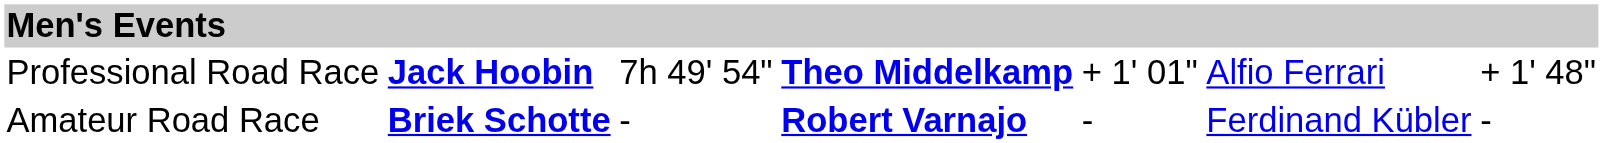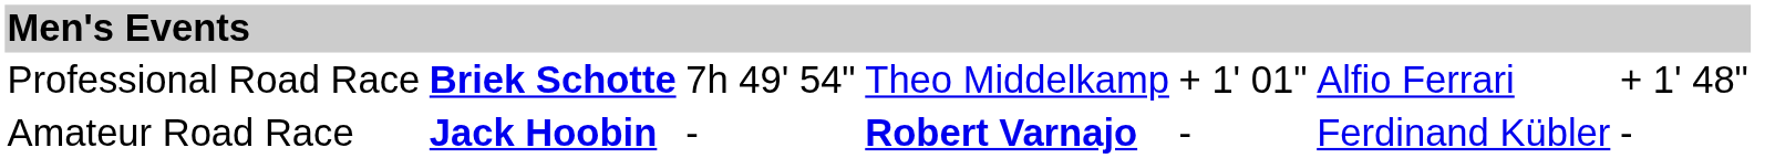 <table>
 <tr bgcolor="#cccccc">
 <td colspan=7><strong>Men's Events</strong></td>
 </tr>
 <tr>
 <td>Professional Road Race<br></td>
-<td><strong><a href='#'>Jack Hoobin</a></strong><br><small></small></td>
+<td><strong><a href='#'>Briek Schotte</a></strong><br><small></small></td>
 <td>7h 49' 54"</td>
-<td><strong><a href='#'>Theo Middelkamp</a><br><small></small></strong></td>
+<td><a href='#'>Theo Middelkamp</a><br><small></small></td>
 <td>+ 1' 01"</td>
 <td><a href='#'>Alfio Ferrari</a><br><small></small></td>
 <td>+ 1' 48"</td>
 </tr>
 <tr>
 <td>Amateur Road Race</td>
-<td><strong><a href='#'>Briek Schotte</a></strong><br><small></small></td>
+<td><strong><a href='#'>Jack Hoobin</a></strong><br><small></small></td>
 <td>-</td>
 <td><strong><a href='#'>Robert Varnajo</a><br><small></small></strong></td>
 <td>-</td>
 <td><a href='#'>Ferdinand Kübler</a><br><small></small></td>
 <td>-</td>
 </tr>
 <tr>
 </tr>
 </table>
